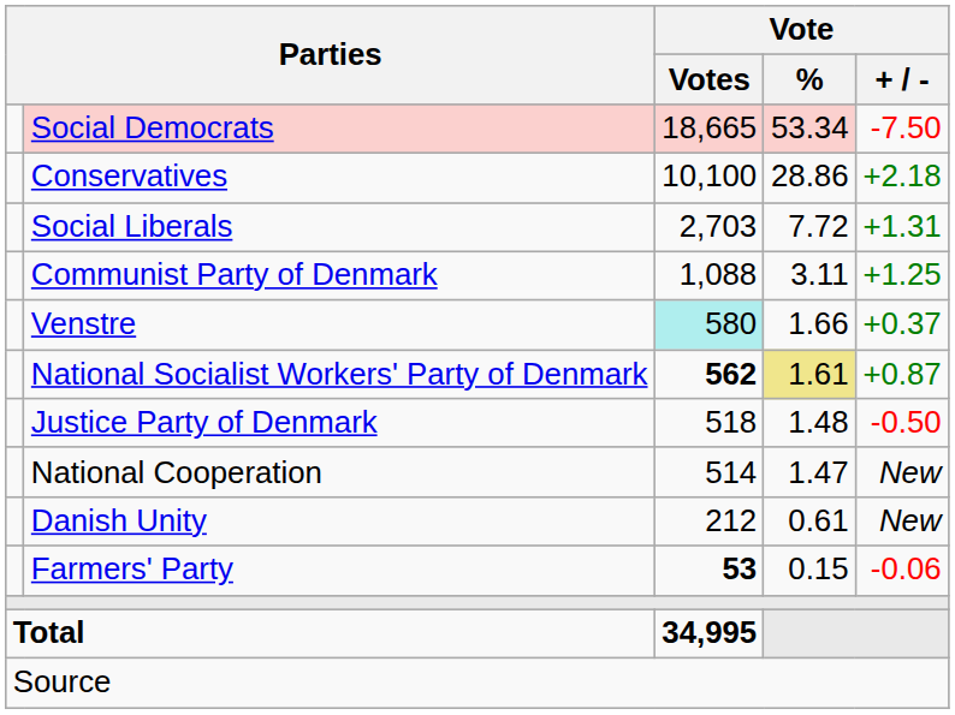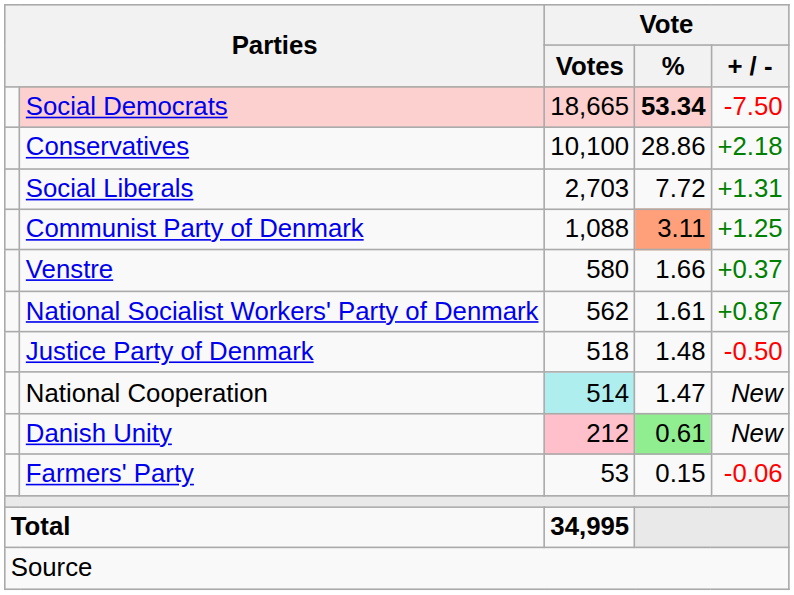 <table class="wikitable" style="text-align:right;">
 <tr>
 <th style="text-align:centre;" rowspan="2" colspan="2" width="225">Parties</th>
 <th colspan="3">Vote</th>
 </tr>
 <tr>
 <th width="15">Votes</th>
 <th width="15">%</th>
 <th width="15">+ / -</th>
 </tr>
 <tr>
 <td width="2" style="color:inherit;background:"></td>
 <td bgcolor=#fbd0ce  align="left"><a href='#'>Social Democrats</a></td>
 <td bgcolor=#fbd0ce>18,665</td>
-<td bgcolor=#fbd0ce>53.34</td>
+<td bgcolor=#fbd0ce><strong>53.34</strong></td>
 <td style=color:red;>-7.50</td>
 </tr>
 <tr>
 <td width="2" style="color:inherit;background:"></td>
 <td align="left"><a href='#'>Conservatives</a></td>
 <td>10,100</td>
 <td>28.86</td>
 <td style=color:green;>+2.18</td>
 </tr>
 <tr>
 <td width="2" style="color:inherit;background:"></td>
 <td align="left"><a href='#'>Social Liberals</a></td>
 <td>2,703</td>
 <td>7.72</td>
 <td style=color:green;>+1.31</td>
 </tr>
 <tr>
 <td width="2" style="color:inherit;background:"></td>
 <td align="left"><a href='#'>Communist Party of Denmark</a></td>
 <td>1,088</td>
-<td>3.11</td>
+<td style="background: lightsalmon;">3.11</td>
 <td style=color:green;>+1.25</td>
 </tr>
 <tr>
 <td width="2" style="color:inherit;background:"></td>
 <td align="left"><a href='#'>Venstre</a></td>
-<td style="background: paleturquoise;">580</td>
+<td>580</td>
 <td>1.66</td>
 <td style=color:green;>+0.37</td>
 </tr>
 <tr>
 <td width="2" style="color:inherit;background:"></td>
 <td align="left"><a href='#'>National Socialist Workers' Party of Denmark</a></td>
-<td><strong>562</strong></td>
-<td style="background: khaki;">1.61</td>
+<td>562</td>
+<td>1.61</td>
 <td style=color:green;>+0.87</td>
 </tr>
 <tr>
 <td width="2" style="color:inherit;background:"></td>
 <td align="left"><a href='#'>Justice Party of Denmark</a></td>
 <td>518</td>
 <td>1.48</td>
 <td style=color:red;>-0.50</td>
 </tr>
 <tr>
 <td width="2" style="color:inherit;background:"></td>
 <td align="left">National Cooperation</td>
-<td>514</td>
+<td style="background: paleturquoise;">514</td>
 <td>1.47</td>
 <td><em>New</em></td>
 </tr>
 <tr>
 <td width="2" style="color:inherit;background:"></td>
 <td align="left"><a href='#'>Danish Unity</a></td>
-<td>212</td>
-<td>0.61</td>
+<td style="background: pink;">212</td>
+<td style="background: lightgreen;">0.61</td>
 <td><em>New</em></td>
 </tr>
 <tr>
 <td width="2" style="color:inherit;background:"></td>
 <td align="left"><a href='#'>Farmers' Party</a></td>
-<td><strong>53</strong></td>
+<td>53</td>
 <td>0.15</td>
 <td style=color:red;>-0.06</td>
 </tr>
 <tr>
 <td colspan="7" bgcolor="#E9E9E9"></td>
 </tr>
 <tr>
 <td align="left" colspan="2"><strong>Total</strong></td>
 <td><strong>34,995</strong></td>
 <td bgcolor="#E9E9E9" colspan="2"></td>
 </tr>
 <tr>
 <td align="left" colspan="6">Source</td>
 </tr>
 </table>
